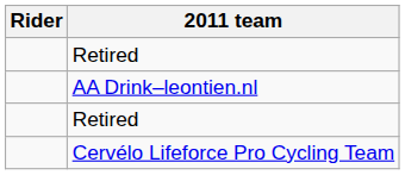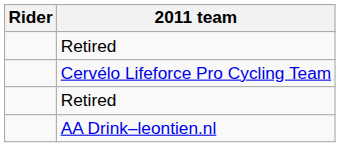 <table class="wikitable">
 <tr>
 <th>Rider</th>
 <th>2011 team</th>
 </tr>
 <tr>
 <td></td>
 <td>Retired</td>
 </tr>
 <tr>
 <td></td>
-<td><a href='#'>AA Drink–leontien.nl</a></td>
+<td><a href='#'>Cervélo Lifeforce Pro Cycling Team</a></td>
 </tr>
 <tr>
 <td></td>
 <td>Retired</td>
 </tr>
 <tr>
 <td></td>
-<td><a href='#'>Cervélo Lifeforce Pro Cycling Team</a></td>
+<td><a href='#'>AA Drink–leontien.nl</a></td>
 </tr>
 </table>
